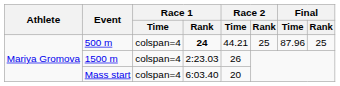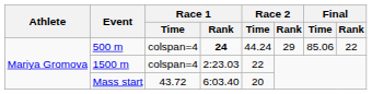 <table class="wikitable" style="font-size:90%">
 <tr>
 <th rowspan=2>Athlete</th>
 <th rowspan=2>Event</th>
 <th colspan=2>Race 1</th>
 <th colspan=2>Race 2</th>
 <th colspan=2>Final</th>
 </tr>
 <tr style="font-size:95%">
 <th>Time</th>
 <th>Rank</th>
 <th>Time</th>
 <th>Rank</th>
 <th>Time</th>
 <th>Rank</th>
 </tr>
 <tr align=center>
 <td align=left rowspan=3><a href='#'>Mariya Gromova</a></td>
 <td align=left><a href='#'>500 m</a></td>
 <td>colspan=4 </td>
 <td><strong>24</strong></td>
-<td>44.21</td>
-<td>25</td>
-<td>87.96</td>
-<td>25</td>
+<td>44.24</td>
+<td>29</td>
+<td>85.06</td>
+<td>22</td>
 </tr>
 <tr align=center>
 <td align=left><a href='#'>1500 m</a></td>
 <td>colspan=4 </td>
 <td>2:23.03</td>
-<td>26</td>
+<td>22</td>
 </tr>
 <tr align=center>
 <td align=left><a href='#'>Mass start</a></td>
-<td>colspan=4 </td>
+<td>43.72</td>
 <td>6:03.40</td>
 <td>20</td>
 </tr>
 </table>
